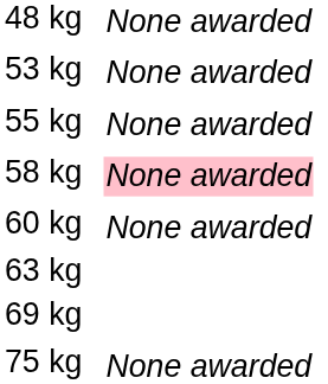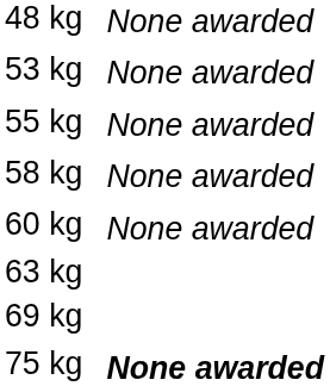 <table>
 <tr>
 <td rowspan=2>48 kg</td>
 <td rowspan=2></td>
 <td rowspan=2></td>
 <td></td>
 </tr>
 <tr>
 <td><em>None awarded</em></td>
 </tr>
 <tr>
 <td rowspan=2>53 kg</td>
 <td rowspan=2></td>
 <td rowspan=2></td>
 <td></td>
 </tr>
 <tr>
 <td><em>None awarded</em></td>
 </tr>
 <tr>
 <td rowspan=2>55 kg</td>
 <td rowspan=2></td>
 <td rowspan=2></td>
 <td></td>
 </tr>
 <tr>
 <td><em>None awarded</em></td>
 </tr>
 <tr>
 <td rowspan=2>58 kg</td>
 <td rowspan=2></td>
 <td rowspan=2></td>
 <td></td>
 </tr>
 <tr>
-<td style="background: pink;"><em>None awarded</em></td>
+<td><em>None awarded</em></td>
 </tr>
 <tr>
 <td rowspan=2>60 kg</td>
 <td rowspan=2></td>
 <td rowspan=2></td>
 <td></td>
 </tr>
 <tr>
 <td><em>None awarded</em></td>
 </tr>
 <tr>
 <td rowspan=2>63 kg</td>
 <td rowspan=2></td>
 <td rowspan=2></td>
 <td></td>
 </tr>
 <tr>
 <td></td>
 </tr>
 <tr>
 <td rowspan=2>69 kg</td>
 <td rowspan=2></td>
 <td rowspan=2></td>
 <td></td>
 </tr>
 <tr>
 <td></td>
 </tr>
 <tr>
 <td rowspan=2>75 kg</td>
 <td rowspan=2></td>
 <td rowspan=2></td>
 <td></td>
 </tr>
 <tr>
-<td><em>None awarded</em></td>
+<td><strong><em>None awarded</em></strong></td>
 </tr>
 </table>
